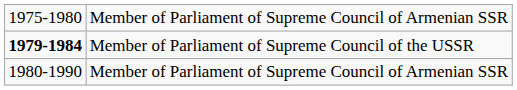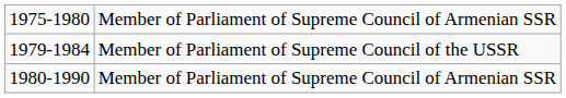 <table class="wikitable">
 <tr>
 <td>1975-1980</td>
 <td>Member of Parliament of Supreme Council of Armenian SSR</td>
 </tr>
 <tr>
-<td><strong>1979-1984</strong></td>
+<td>1979-1984</td>
 <td>Member of Parliament of Supreme Council of the USSR</td>
 </tr>
 <tr>
 <td>1980-1990</td>
 <td>Member of Parliament of Supreme Council of Armenian SSR</td>
 </tr>
 </table>
